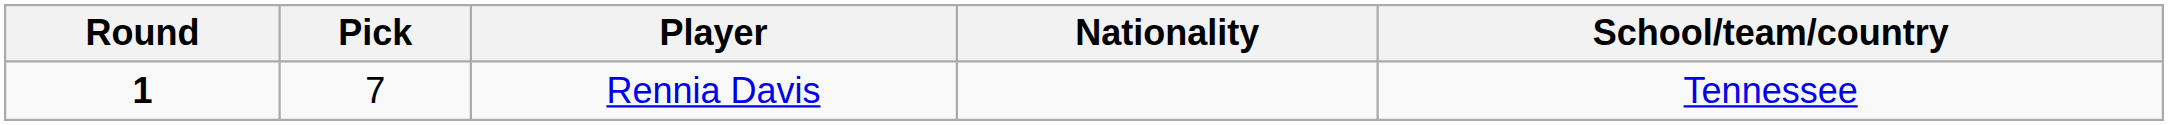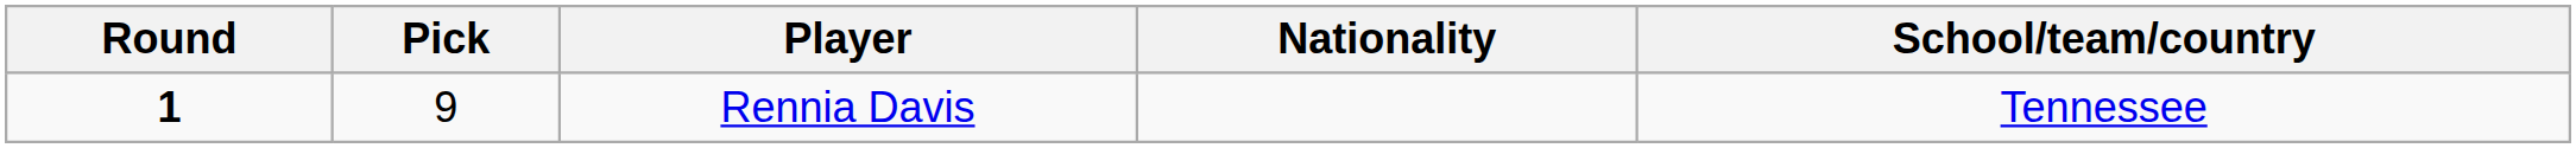 <table class="wikitable" style="text-align:center; width:60em">
 <tr>
 <th>Round</th>
 <th>Pick</th>
 <th>Player</th>
 <th>Nationality</th>
 <th>School/team/country</th>
 </tr>
 <tr>
 <td><strong>1</strong></td>
-<td>7</td>
+<td>9</td>
 <td><a href='#'>Rennia Davis</a></td>
 <td></td>
 <td><a href='#'>Tennessee</a></td>
 </tr>
 </table>
